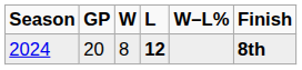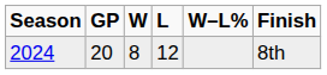 <table class="wikitable">
 <tr style="font-weight:bold; ">
 <td>Season</td>
 <td>GP</td>
 <td>W</td>
 <td>L</td>
 <td>W–L%</td>
 <td>Finish</td>
 </tr>
 <tr style="background:#eee;">
 <td><a href='#'>2024</a></td>
 <td>20</td>
 <td>8</td>
-<td><strong>12</strong></td>
+<td>12</td>
 <td></td>
-<td><strong>8th</strong></td>
+<td>8th</td>
 </tr>
 </table>
